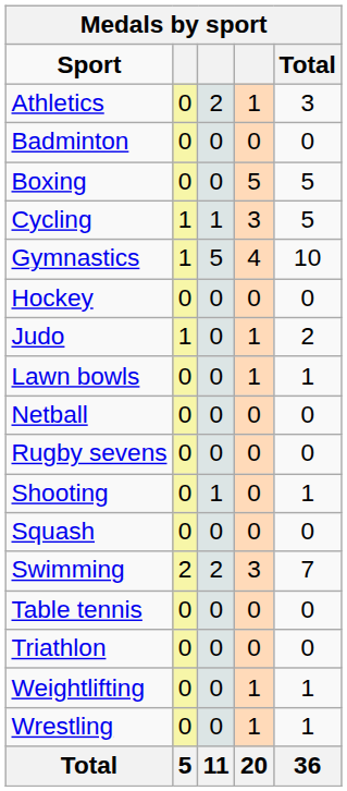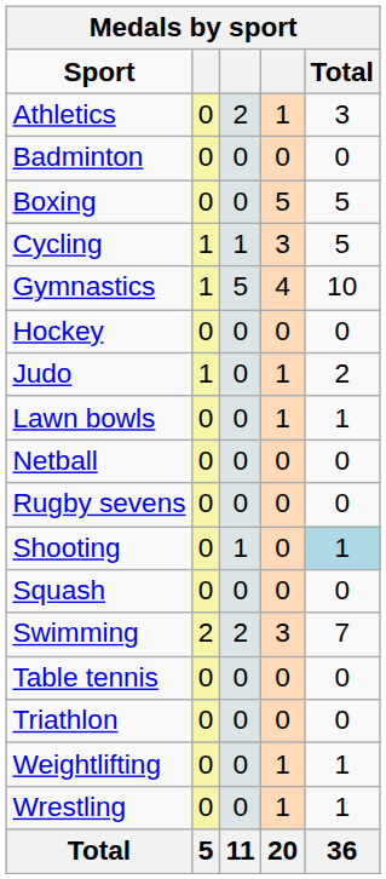 <table class="wikitable" style="float:right;">
 <tr>
 <th colspan=5>Medals by sport</th>
 </tr>
 <tr align=center>
 <td><strong>Sport</strong></td>
 <th bgcolor=#f7f6a8></th>
 <th bgcolor=#dce5e5></th>
 <th bgcolor=#ffdab9></th>
 <th>Total</th>
 </tr>
 <tr align=center>
 <td align=left><a href='#'>Athletics</a></td>
 <td bgcolor=#f7f6a8>0</td>
 <td bgcolor=#dce5e5>2</td>
 <td bgcolor=#ffdab9>1</td>
 <td>3</td>
 </tr>
 <tr align=center>
 <td align=left><a href='#'>Badminton</a></td>
 <td bgcolor=#f7f6a8>0</td>
 <td bgcolor=#dce5e5>0</td>
 <td bgcolor=#ffdab9>0</td>
 <td>0</td>
 </tr>
 <tr align=center>
 <td align=left><a href='#'>Boxing</a></td>
 <td bgcolor=#f7f6a8>0</td>
 <td bgcolor=#dce5e5>0</td>
 <td bgcolor=#ffdab9>5</td>
 <td>5</td>
 </tr>
 <tr align=center>
 <td align=left><a href='#'>Cycling</a></td>
 <td bgcolor=#f7f6a8>1</td>
 <td bgcolor=#dce5e5>1</td>
 <td bgcolor=#ffdab9>3</td>
 <td>5</td>
 </tr>
 <tr align=center>
 <td align=left><a href='#'>Gymnastics</a></td>
 <td bgcolor=#f7f6a8>1</td>
 <td bgcolor=#dce5e5>5</td>
 <td bgcolor=#ffdab9>4</td>
 <td>10</td>
 </tr>
 <tr align=center>
 <td align=left><a href='#'>Hockey</a></td>
 <td bgcolor=#f7f6a8>0</td>
 <td bgcolor=#dce5e5>0</td>
 <td bgcolor=#ffdab9>0</td>
 <td>0</td>
 </tr>
 <tr align=center>
 <td align=left><a href='#'>Judo</a></td>
 <td bgcolor=#f7f6a8>1</td>
 <td bgcolor=#dce5e5>0</td>
 <td bgcolor=#ffdab9>1</td>
 <td>2</td>
 </tr>
 <tr align=center>
 <td align=left><a href='#'>Lawn bowls</a></td>
 <td bgcolor=#f7f6a8>0</td>
 <td bgcolor=#dce5e5>0</td>
 <td bgcolor=#ffdab9>1</td>
 <td>1</td>
 </tr>
 <tr align=center>
 <td align=left><a href='#'>Netball</a></td>
 <td bgcolor=#f7f6a8>0</td>
 <td bgcolor=#dce5e5>0</td>
 <td bgcolor=#ffdab9>0</td>
 <td>0</td>
 </tr>
 <tr align=center>
 <td align=left><a href='#'>Rugby sevens</a></td>
 <td bgcolor=#f7f6a8>0</td>
 <td bgcolor=#dce5e5>0</td>
 <td bgcolor=#ffdab9>0</td>
 <td>0</td>
 </tr>
 <tr align=center>
 <td align=left><a href='#'>Shooting</a></td>
 <td bgcolor=#f7f6a8>0</td>
 <td bgcolor=#dce5e5>1</td>
 <td bgcolor=#ffdab9>0</td>
-<td>1</td>
+<td style="background: lightblue;">1</td>
 </tr>
 <tr align=center>
 <td align=left><a href='#'>Squash</a></td>
 <td bgcolor=#f7f6a8>0</td>
 <td bgcolor=#dce5e5>0</td>
 <td bgcolor=#ffdab9>0</td>
 <td>0</td>
 </tr>
 <tr align=center>
 <td align=left><a href='#'>Swimming</a></td>
 <td bgcolor=#f7f6a8>2</td>
 <td bgcolor=#dce5e5>2</td>
 <td bgcolor=#ffdab9>3</td>
 <td>7</td>
 </tr>
 <tr align=center>
 <td align=left><a href='#'>Table tennis</a></td>
 <td bgcolor=#f7f6a8>0</td>
 <td bgcolor=#dce5e5>0</td>
 <td bgcolor=#ffdab9>0</td>
 <td>0</td>
 </tr>
 <tr align=center>
 <td align=left><a href='#'>Triathlon</a></td>
 <td bgcolor=#f7f6a8>0</td>
 <td bgcolor=#dce5e5>0</td>
 <td bgcolor=#ffdab9>0</td>
 <td>0</td>
 </tr>
 <tr align=center>
 <td align=left><a href='#'>Weightlifting</a></td>
 <td bgcolor=#f7f6a8>0</td>
 <td bgcolor=#dce5e5>0</td>
 <td bgcolor=#ffdab9>1</td>
 <td>1</td>
 </tr>
 <tr align=center>
 <td align=left><a href='#'>Wrestling</a></td>
 <td bgcolor=#f7f6a8>0</td>
 <td bgcolor=#dce5e5>0</td>
 <td bgcolor=#ffdab9>1</td>
 <td>1</td>
 </tr>
 <tr align=center>
 <th bgcolor=#efefef>Total</th>
 <th bgcolor=#f7f6a8>5</th>
 <th bgcolor=#dce5e5>11</th>
 <th bgcolor=#ffdab9>20</th>
 <th>36</th>
 </tr>
 </table>
